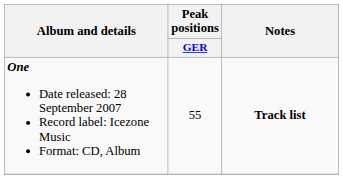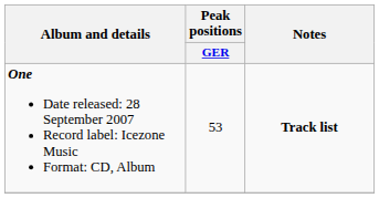 <table class="wikitable">
 <tr>
 <th align="center" rowspan="2" width="200">Album and details</th>
 <th align="center" colspan="1" width="20">Peak positions</th>
 <th align="center" rowspan="2" width="140">Notes</th>
 </tr>
 <tr>
 <th scope="col" style="width:3em;font-size:90%;"><a href='#'>GER</a><br></th>
 </tr>
 <tr>
 <td><strong><em>One</em></strong><br><ul><li>Date released: 28 September 2007</li><li>Record label: Icezone Music</li><li>Format: CD, Album</li></ul></td>
-<td style="text-align:center;">55</td>
+<td style="text-align:center;">53</td>
 <td style="text-align:center;"><strong>Track list<br></strong></td>
 </tr>
 <tr>
 </tr>
 </table>
